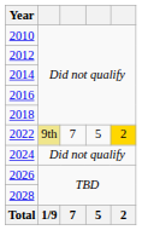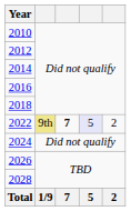 <table class="wikitable" style="text-align:center">
 <tr>
 <th>Year</th>
 <th></th>
 <th width=25></th>
 <th width=25></th>
 <th width=25></th>
 </tr>
 <tr>
 <td> <a href='#'>2010</a></td>
 <td colspan=4 rowspan=5><em>Did not qualify</em></td>
 </tr>
 <tr>
 <td> <a href='#'>2012</a></td>
 </tr>
 <tr>
 <td> <a href='#'>2014</a></td>
 </tr>
 <tr>
 <td> <a href='#'>2016</a></td>
 </tr>
 <tr>
 <td> <a href='#'>2018</a></td>
 </tr>
 <tr>
 <td> <a href='#'>2022</a></td>
 <td style="background: khaki;">9th</td>
-<td>7</td>
-<td>5</td>
-<td style="background: gold;">2</td>
+<td><strong>7</strong></td>
+<td style="background: lavender;">5</td>
+<td>2</td>
 </tr>
 <tr>
 <td> <a href='#'>2024</a></td>
 <td colspan=4><em>Did not qualify</em></td>
 </tr>
 <tr>
 <td> <a href='#'>2026</a></td>
 <td colspan=4 rowspan=2><em>TBD</em></td>
 </tr>
 <tr>
 <td> <a href='#'>2028</a></td>
 </tr>
 <tr>
 <th>Total</th>
 <th>1/9</th>
 <th>7</th>
 <th>5</th>
 <th>2</th>
 </tr>
 </table>
